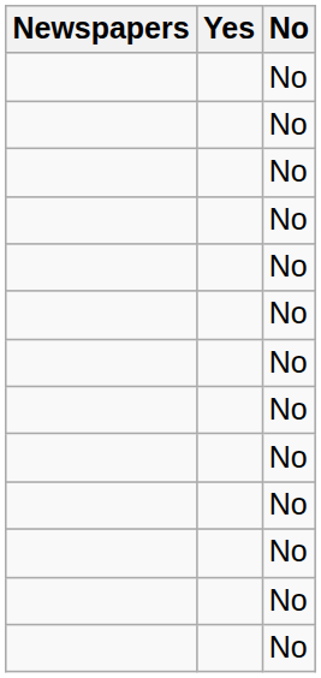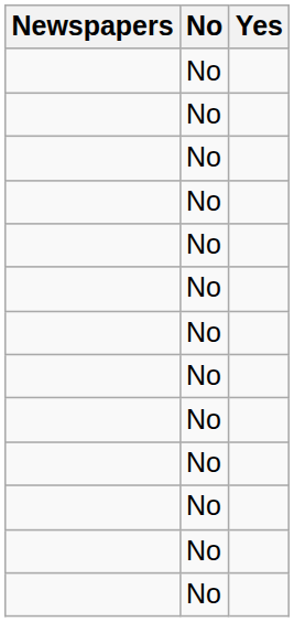 <table class="wikitable">
 <tr>
 <th>Newspapers</th>
+<th>No</th>
 <th>Yes</th>
-<th>No</th>
 </tr>
 <tr>
 <td></td>
+<td>No</td>
 <td></td>
-<td>No</td>
 </tr>
 <tr>
 <td></td>
+<td>No</td>
 <td></td>
-<td>No</td>
 </tr>
 <tr>
 <td></td>
+<td>No</td>
 <td></td>
-<td>No</td>
 </tr>
 <tr>
 <td></td>
+<td>No</td>
 <td></td>
-<td>No</td>
 </tr>
 <tr>
 <td></td>
+<td>No</td>
 <td></td>
-<td>No</td>
 </tr>
 <tr>
 <td></td>
+<td>No</td>
 <td></td>
-<td>No</td>
 </tr>
 <tr>
 <td></td>
+<td>No</td>
 <td></td>
-<td>No</td>
 </tr>
 <tr>
 <td></td>
+<td>No</td>
 <td></td>
-<td>No</td>
 </tr>
 <tr>
 <td></td>
+<td>No</td>
 <td></td>
-<td>No</td>
 </tr>
 <tr>
 <td></td>
+<td>No</td>
 <td></td>
-<td>No</td>
 </tr>
 <tr>
 <td></td>
+<td>No</td>
 <td></td>
-<td>No</td>
 </tr>
 <tr>
 <td></td>
+<td>No</td>
 <td></td>
-<td>No</td>
 </tr>
 <tr>
 <td></td>
+<td>No</td>
 <td></td>
-<td>No</td>
 </tr>
 </table>
